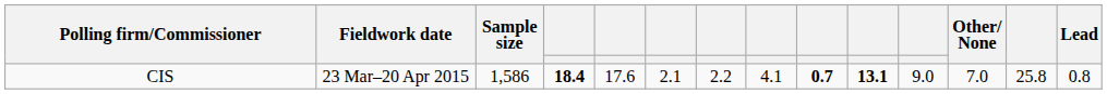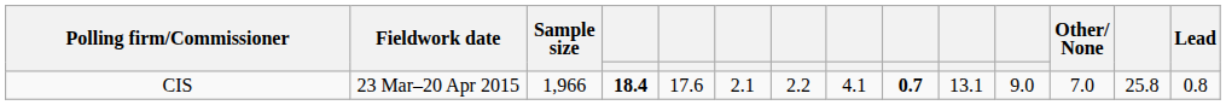 <table class="wikitable collapsible collapsed" style="text-align:center; font-size:90%; line-height:14px;">
 <tr style="height:42px;">
 <th style="width:250px;" rowspan="2">Polling firm/Commissioner</th>
 <th style="width:125px;" rowspan="2">Fieldwork date</th>
 <th style="width:50px;" rowspan="2">Sample size</th>
 <th style="width:35px;"></th>
 <th style="width:35px;"></th>
 <th style="width:35px;"></th>
 <th style="width:35px;"></th>
 <th style="width:35px;"></th>
 <th style="width:35px;"></th>
 <th style="width:35px;"></th>
 <th style="width:35px;"></th>
 <th style="width:35px;" rowspan="2">Other/<br>None</th>
 <th style="width:35px;" rowspan="2"></th>
 <th style="width:30px;" rowspan="2">Lead</th>
 </tr>
 <tr>
 <th style="color:inherit;background:"></th>
 <th style="color:inherit;background:"></th>
 <th style="color:inherit;background:"></th>
 <th style="color:inherit;background:"></th>
 <th style="color:inherit;background:"></th>
 <th style="color:inherit;background:"></th>
 <th style="color:inherit;background:"></th>
 <th style="color:inherit;background:"></th>
 </tr>
 <tr>
 <td>CIS</td>
 <td>23 Mar–20 Apr 2015</td>
-<td>1,586</td>
+<td>1,966</td>
 <td><strong>18.4</strong></td>
 <td>17.6</td>
 <td>2.1</td>
 <td>2.2</td>
 <td>4.1</td>
 <td><strong>0.7</strong></td>
-<td><strong>13.1</strong></td>
+<td>13.1</td>
 <td>9.0</td>
 <td>7.0</td>
 <td>25.8</td>
 <td style="background:">0.8</td>
 </tr>
 </table>
